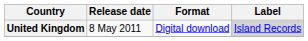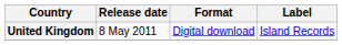 <table class="wikitable plainrowheaders">
 <tr>
 <th scope="col">Country</th>
 <th scope="col">Release date</th>
 <th scope="col">Format</th>
 <th scope="col">Label</th>
 </tr>
 <tr>
 <th scope="row">United Kingdom</th>
 <td>8 May 2011</td>
 <td><a href='#'>Digital download</a></td>
-<td style="background: lightgrey;"><a href='#'>Island Records</a></td>
+<td><a href='#'>Island Records</a></td>
 </tr>
 <tr>
 </tr>
 </table>
